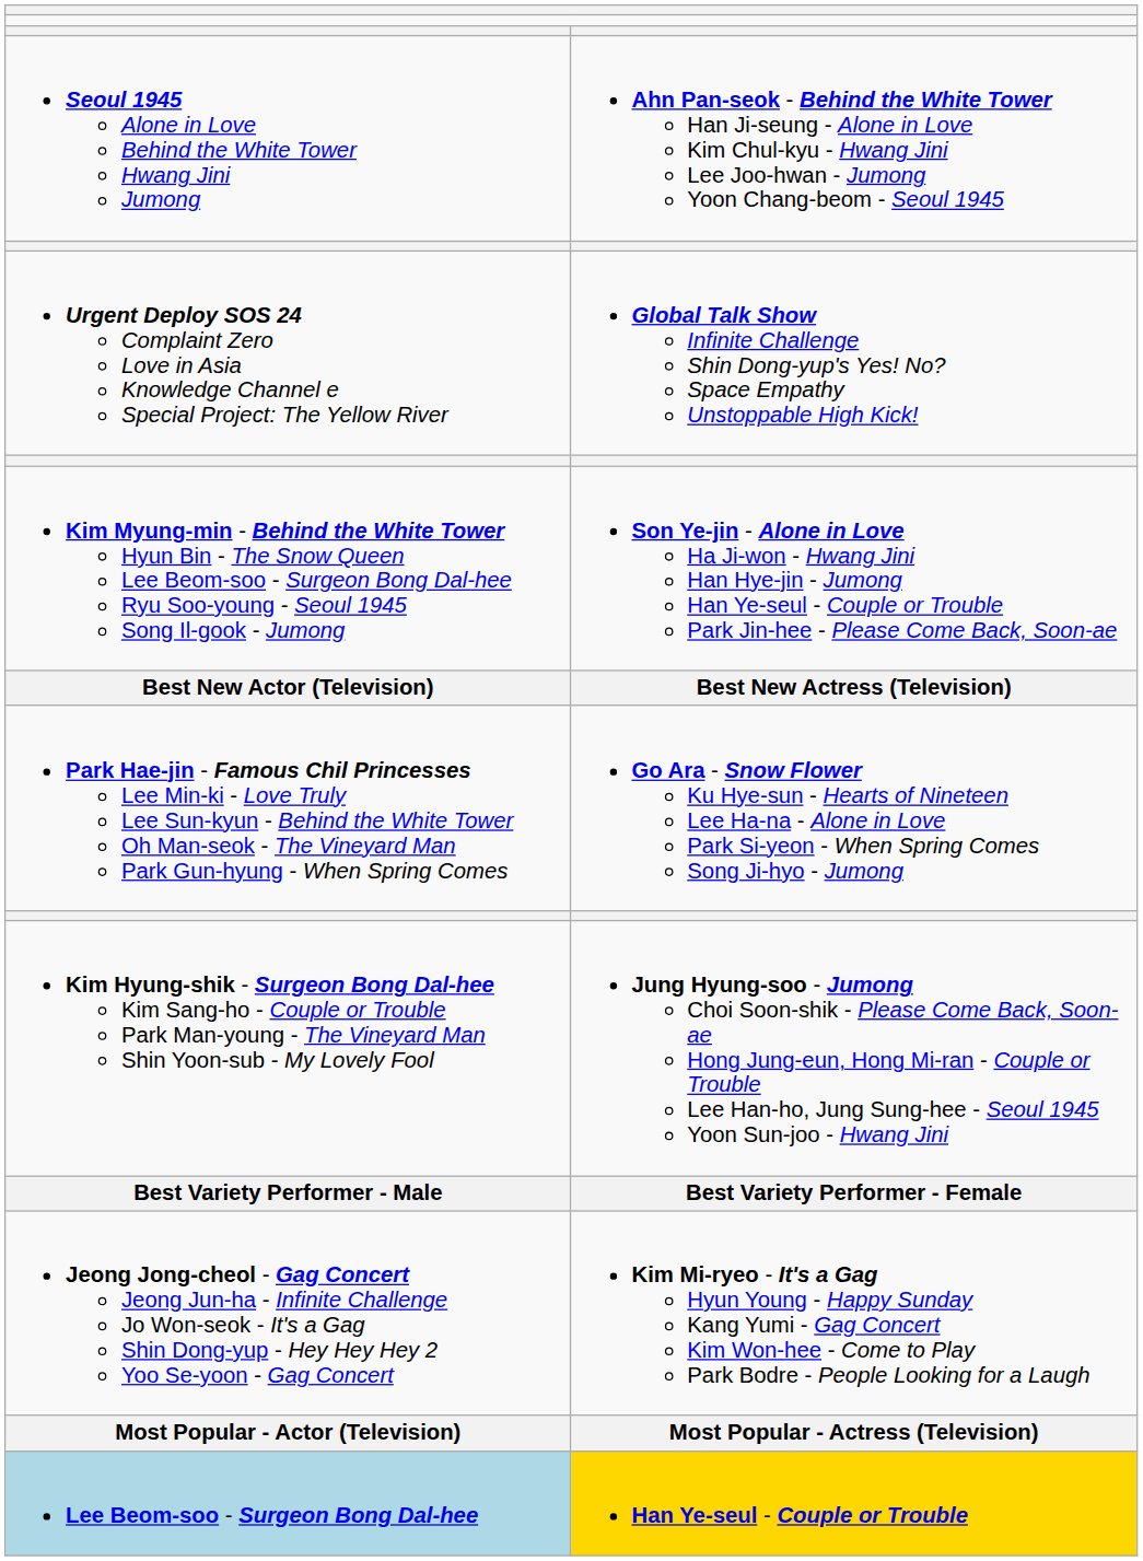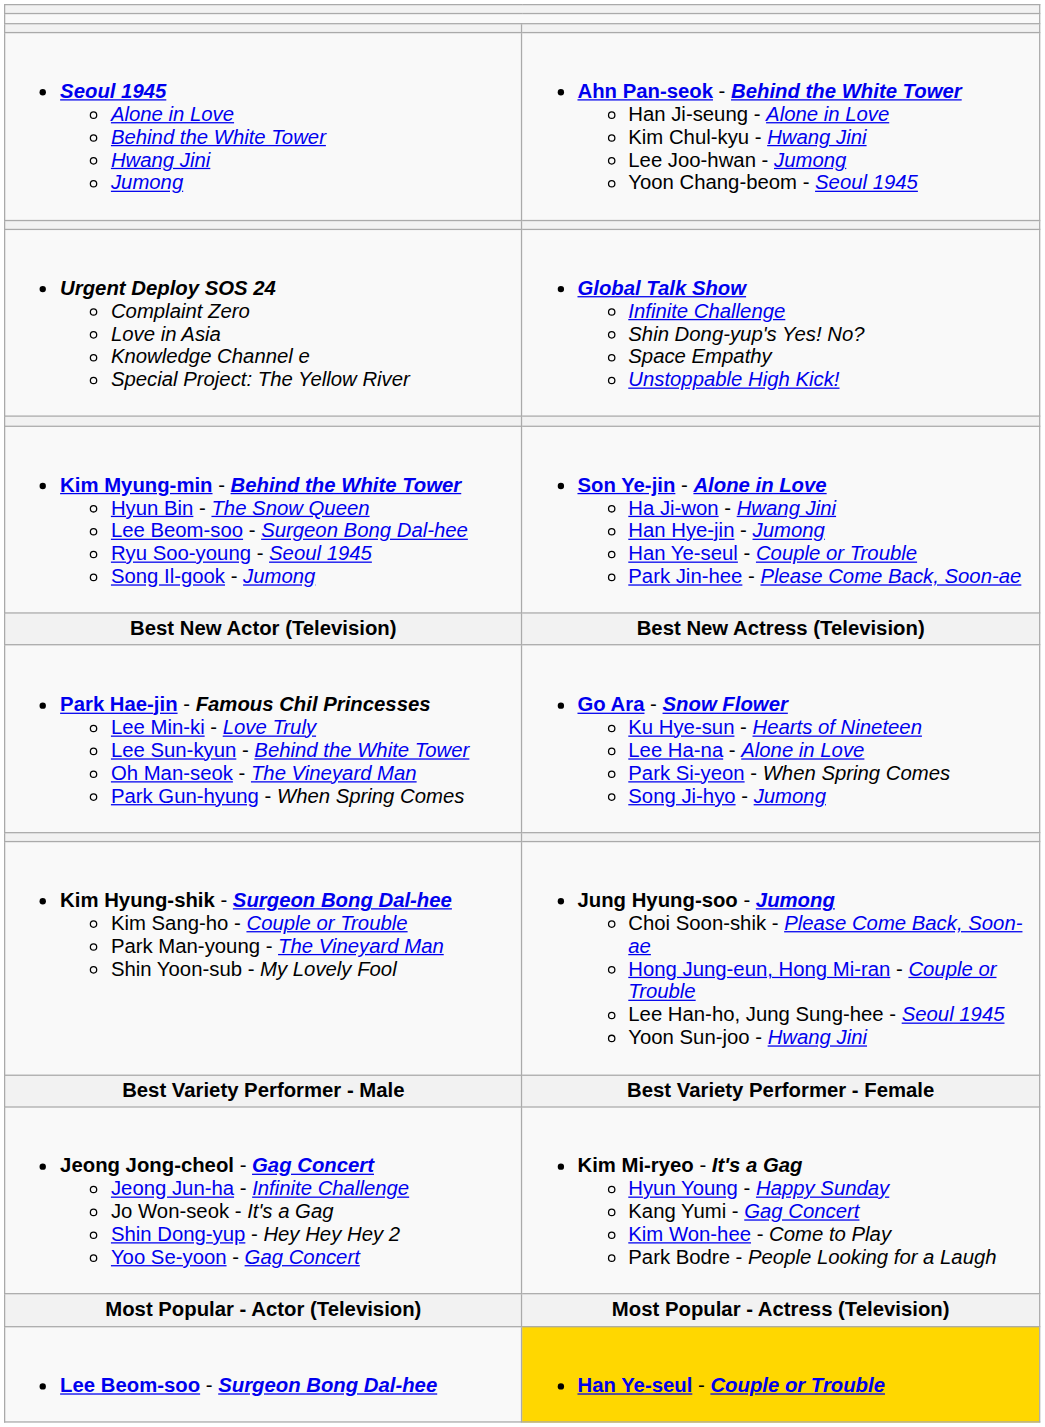 <table class="wikitable">
 <tr>
 <th colspan="2"></th>
 </tr>
 <tr>
 <td colspan="2"></td>
 </tr>
 <tr>
 <th style="width:400px;"></th>
 <th style="width:400px;"></th>
 </tr>
 <tr>
 <td valign="top"><br><ul><li><strong><em><a href='#'>Seoul 1945</a></em></strong><ul><li><em><a href='#'>Alone in Love</a></em></li><li><em><a href='#'>Behind the White Tower</a></em></li><li><em><a href='#'>Hwang Jini</a></em></li><li><em><a href='#'>Jumong</a></em></li></ul></li></ul></td>
 <td valign="top"><br><ul><li><strong><a href='#'>Ahn Pan-seok</a></strong> - <strong><em><a href='#'>Behind the White Tower</a></em></strong><ul><li>Han Ji-seung  - <em><a href='#'>Alone in Love</a></em></li><li>Kim Chul-kyu - <em><a href='#'>Hwang Jini</a></em></li><li>Lee Joo-hwan - <em><a href='#'>Jumong</a></em></li><li>Yoon Chang-beom - <em><a href='#'>Seoul 1945</a></em></li></ul></li></ul></td>
 </tr>
 <tr>
 <th></th>
 <th></th>
 </tr>
 <tr>
 <td valign="top"><br><ul><li><strong><em>Urgent Deploy SOS 24</em></strong><ul><li><em>Complaint Zero</em></li><li><em>Love in Asia</em></li><li><em>Knowledge Channel e</em></li><li><em>Special Project: The Yellow River</em></li></ul></li></ul></td>
 <td valign="top"><br><ul><li><strong><em><a href='#'>Global Talk Show</a></em></strong><ul><li><em><a href='#'>Infinite Challenge</a></em></li><li><em>Shin Dong-yup's Yes! No?</em></li><li><em>Space Empathy</em></li><li><em><a href='#'>Unstoppable High Kick!</a></em></li></ul></li></ul></td>
 </tr>
 <tr>
 <th></th>
 <th></th>
 </tr>
 <tr>
 <td valign="top"><br><ul><li><strong><a href='#'>Kim Myung-min</a></strong> - <strong><em><a href='#'>Behind the White Tower</a></em></strong><ul><li><a href='#'>Hyun Bin</a> - <em><a href='#'>The Snow Queen</a></em></li><li><a href='#'>Lee Beom-soo</a> - <em><a href='#'>Surgeon Bong Dal-hee</a></em></li><li><a href='#'>Ryu Soo-young</a> - <em><a href='#'>Seoul 1945</a></em></li><li><a href='#'>Song Il-gook</a> - <em><a href='#'>Jumong</a></em></li></ul></li></ul></td>
 <td valign="top"><br><ul><li><strong><a href='#'>Son Ye-jin</a></strong> - <strong><em><a href='#'>Alone in Love</a></em></strong><ul><li><a href='#'>Ha Ji-won</a> - <em><a href='#'>Hwang Jini</a></em></li><li><a href='#'>Han Hye-jin</a> - <em><a href='#'>Jumong</a></em></li><li><a href='#'>Han Ye-seul</a> - <em><a href='#'>Couple or Trouble</a></em></li><li><a href='#'>Park Jin-hee</a> - <em><a href='#'>Please Come Back, Soon-ae</a></em></li></ul></li></ul></td>
 </tr>
 <tr>
 <th>Best New Actor (Television)</th>
 <th>Best New Actress (Television)</th>
 </tr>
 <tr>
 <td valign="top"><br><ul><li><strong><a href='#'>Park Hae-jin</a></strong> - <strong><em>Famous Chil Princesses</em></strong><ul><li><a href='#'>Lee Min-ki</a> - <em><a href='#'>Love Truly</a></em></li><li><a href='#'>Lee Sun-kyun</a> - <em><a href='#'>Behind the White Tower</a></em></li><li><a href='#'>Oh Man-seok</a> - <em><a href='#'>The Vineyard Man</a></em></li><li><a href='#'>Park Gun-hyung</a> - <em>When Spring Comes</em></li></ul></li></ul></td>
 <td valign="top"><br><ul><li><strong><a href='#'>Go Ara</a></strong> - <strong><em><a href='#'>Snow Flower</a></em></strong><ul><li><a href='#'>Ku Hye-sun</a> - <em><a href='#'>Hearts of Nineteen</a></em></li><li><a href='#'>Lee Ha-na</a> - <em><a href='#'>Alone in Love</a></em></li><li><a href='#'>Park Si-yeon</a> - <em>When Spring Comes</em></li><li><a href='#'>Song Ji-hyo</a> - <em><a href='#'>Jumong</a></em></li></ul></li></ul></td>
 </tr>
 <tr>
 <th></th>
 <th></th>
 </tr>
 <tr>
 <td valign="top"><br><ul><li><strong>Kim Hyung-shik</strong> - <strong><em><a href='#'>Surgeon Bong Dal-hee</a></em></strong><ul><li>Kim Sang-ho - <em><a href='#'>Couple or Trouble</a></em></li><li>Park Man-young - <em><a href='#'>The Vineyard Man</a></em></li><li>Shin Yoon-sub - <em>My Lovely Fool</em></li></ul></li></ul></td>
 <td valign="top"><br><ul><li><strong>Jung Hyung-soo</strong> - <strong><em><a href='#'>Jumong</a></em></strong><ul><li>Choi Soon-shik - <em><a href='#'>Please Come Back, Soon-ae</a></em></li><li><a href='#'>Hong Jung-eun, Hong Mi-ran</a> - <em><a href='#'>Couple or Trouble</a></em></li><li>Lee Han-ho, Jung Sung-hee - <em><a href='#'>Seoul 1945</a></em></li><li>Yoon Sun-joo - <em><a href='#'>Hwang Jini</a></em></li></ul></li></ul></td>
 </tr>
 <tr>
 <th>Best Variety Performer - Male</th>
 <th>Best Variety Performer - Female</th>
 </tr>
 <tr>
 <td valign="top"><br><ul><li><strong>Jeong Jong-cheol</strong> - <strong><em><a href='#'>Gag Concert</a></em></strong><ul><li><a href='#'>Jeong Jun-ha</a> - <em><a href='#'>Infinite Challenge</a></em></li><li>Jo Won-seok - <em>It's a Gag</em></li><li><a href='#'>Shin Dong-yup</a> - <em>Hey Hey Hey 2</em></li><li><a href='#'>Yoo Se-yoon</a> - <em><a href='#'>Gag Concert</a></em></li></ul></li></ul></td>
 <td valign="top"><br><ul><li><strong>Kim Mi-ryeo</strong> - <strong><em>It's a Gag</em></strong><ul><li><a href='#'>Hyun Young</a> - <em><a href='#'>Happy Sunday</a></em></li><li>Kang Yumi - <em><a href='#'>Gag Concert</a></em></li><li><a href='#'>Kim Won-hee</a> - <em>Come to Play</em></li><li>Park Bodre - <em>People Looking for a Laugh</em></li></ul></li></ul></td>
 </tr>
 <tr>
 <th>Most Popular - Actor (Television)</th>
 <th>Most Popular - Actress (Television)</th>
 </tr>
 <tr>
-<td valign="top" style="background: lightblue;"><br><ul><li><strong><a href='#'>Lee Beom-soo</a></strong> - <strong><em><a href='#'>Surgeon Bong Dal-hee</a></em></strong></li></ul></td>
+<td valign="top"><br><ul><li><strong><a href='#'>Lee Beom-soo</a></strong> - <strong><em><a href='#'>Surgeon Bong Dal-hee</a></em></strong></li></ul></td>
 <td valign="top" style="background: gold;"><br><ul><li><strong><a href='#'>Han Ye-seul</a></strong> - <strong><em><a href='#'>Couple or Trouble</a></em></strong></li></ul></td>
 </tr>
 </table>
